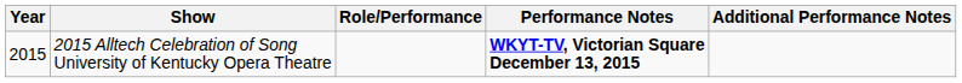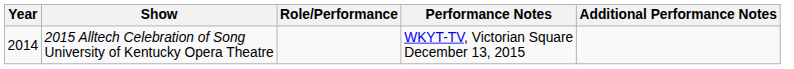 <table class="wikitable">
 <tr>
 <th>Year</th>
 <th>Show</th>
 <th>Role/Performance</th>
 <th>Performance Notes</th>
 <th>Additional Performance Notes</th>
 </tr>
 <tr>
-<td>2015</td>
+<td>2014</td>
 <td><em>2015 Alltech Celebration of Song</em> <br>University of Kentucky Opera Theatre</td>
 <td></td>
-<td><strong><a href='#'>WKYT-TV</a>, Victorian Square <br> December 13, 2015</strong></td>
+<td><a href='#'>WKYT-TV</a>, Victorian Square <br> December 13, 2015</td>
 <td></td>
 </tr>
 </table>
